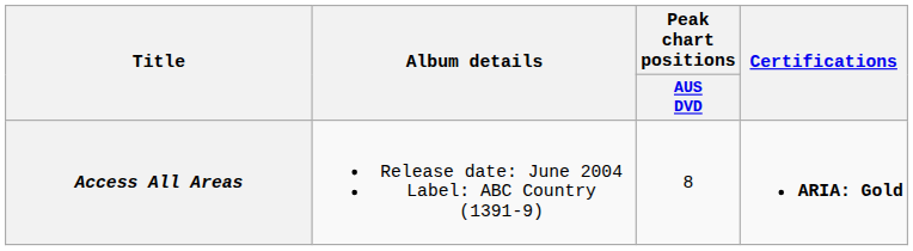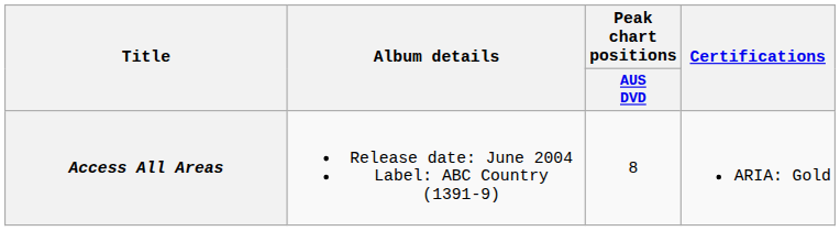 <table class="wikitable plainrowheaders" style="text-align:center;" border="1">
 <tr>
 <th scope="col" rowspan="2" style="width:17em;">Title</th>
 <th scope="col" rowspan="2" style="width:18em;">Album details</th>
 <th scope="col" colspan="1">Peak chart positions</th>
 <th scope="col" rowspan="2"><a href='#'>Certifications</a></th>
 </tr>
 <tr>
 <th scope="col" style="width:3.7em;font-size:90%;"><a href='#'>AUS<br>DVD</a><br></th>
 </tr>
 <tr>
 <th scope="row"><em>Access All Areas</em></th>
 <td><br><ul><li>Release date: June 2004</li><li>Label: ABC Country (1391-9)</li></ul></td>
 <td>8</td>
-<td><strong><br><ul><li>ARIA: Gold</li></ul></strong></td>
+<td><br><ul><li>ARIA: Gold</li></ul></td>
 </tr>
 </table>
